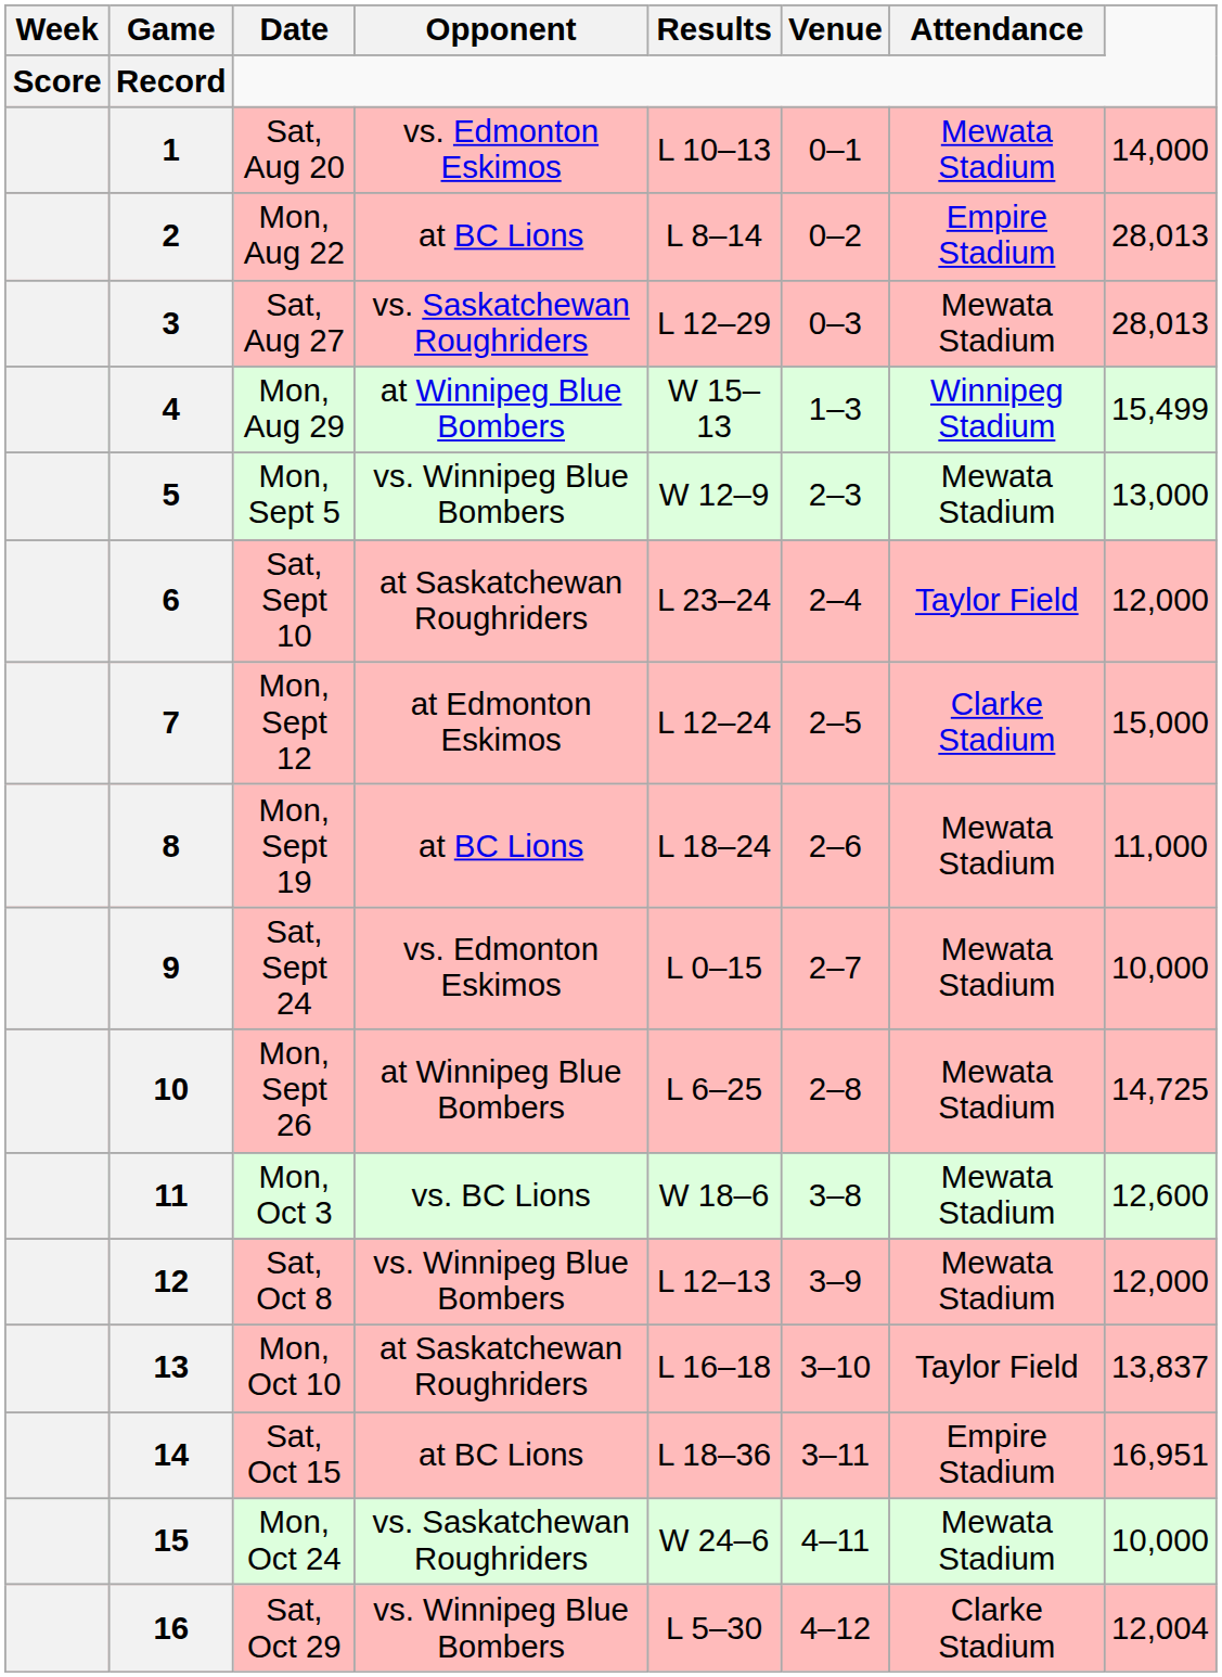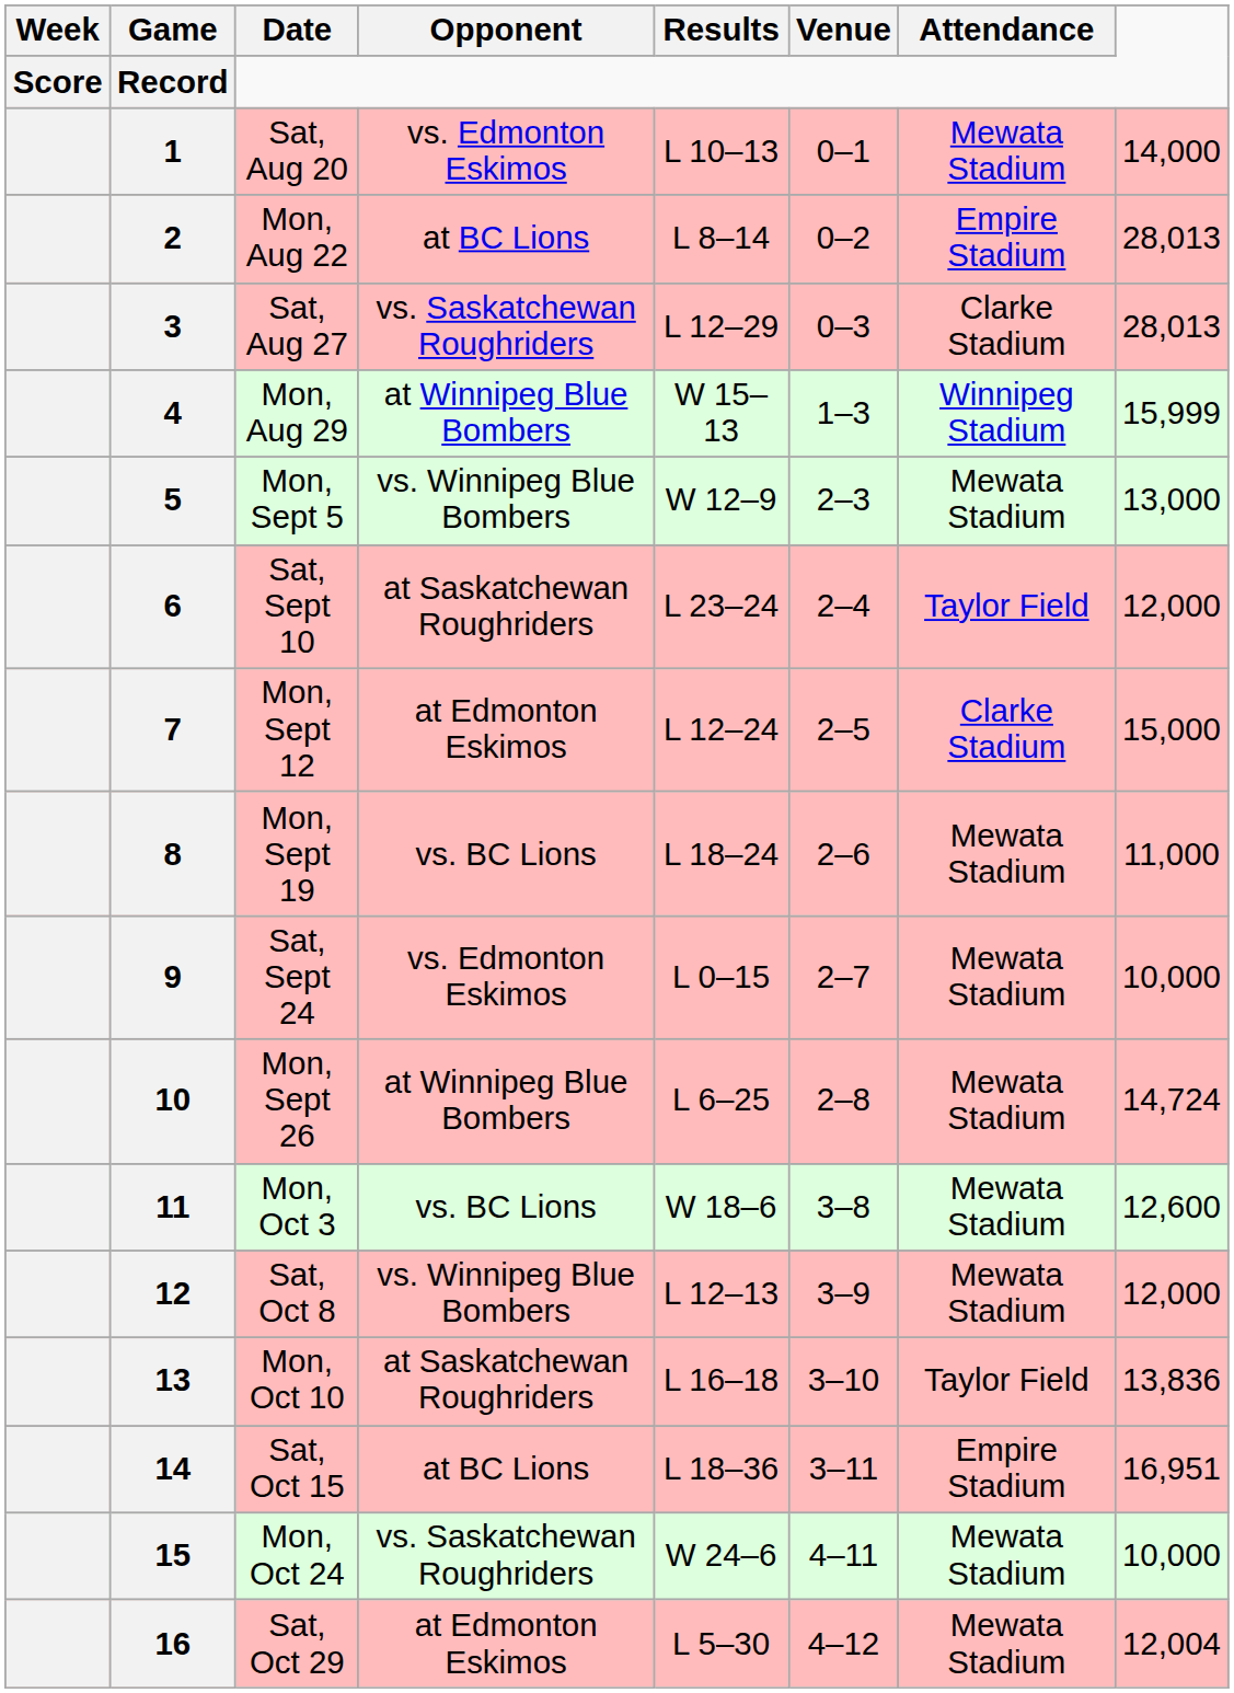 <table class="wikitable" style="text-align:center">
 <tr>
 <th>Week</th>
 <th>Game</th>
 <th>Date</th>
 <th>Opponent</th>
 <th>Results</th>
 <th>Venue</th>
 <th>Attendance</th>
 </tr>
 <tr>
 <th>Score</th>
 <th>Record</th>
 </tr>
 <tr style="background:#ffbbbb">
 <th></th>
 <th>1</th>
 <td>Sat, Aug 20</td>
 <td>vs. <a href='#'>Edmonton Eskimos</a></td>
 <td>L 10–13</td>
 <td>0–1</td>
 <td><a href='#'>Mewata Stadium</a></td>
 <td>14,000</td>
 </tr>
 <tr style="background:#ffbbbb">
 <th></th>
 <th>2</th>
 <td>Mon, Aug 22</td>
 <td>at <a href='#'>BC Lions</a></td>
 <td>L 8–14</td>
 <td>0–2</td>
 <td><a href='#'>Empire Stadium</a></td>
 <td>28,013</td>
 </tr>
 <tr style="background:#ffbbbb">
 <th></th>
 <th>3</th>
 <td>Sat, Aug 27</td>
 <td>vs. <a href='#'>Saskatchewan Roughriders</a></td>
 <td>L 12–29</td>
 <td>0–3</td>
-<td>Mewata Stadium</td>
+<td>Clarke Stadium</td>
 <td>28,013</td>
 </tr>
 <tr style="background:#ddffdd">
 <th></th>
 <th>4</th>
 <td>Mon, Aug 29</td>
 <td>at <a href='#'>Winnipeg Blue Bombers</a></td>
 <td>W 15–13</td>
 <td>1–3</td>
 <td><a href='#'>Winnipeg Stadium</a></td>
-<td>15,499</td>
+<td>15,999</td>
 </tr>
 <tr style="background:#ddffdd">
 <th></th>
 <th>5</th>
 <td>Mon, Sept 5</td>
 <td>vs. Winnipeg Blue Bombers</td>
 <td>W 12–9</td>
 <td>2–3</td>
 <td>Mewata Stadium</td>
 <td>13,000</td>
 </tr>
 <tr style="background:#ffbbbb">
 <th></th>
 <th>6</th>
 <td>Sat, Sept 10</td>
 <td>at Saskatchewan Roughriders</td>
 <td>L 23–24</td>
 <td>2–4</td>
 <td><a href='#'>Taylor Field</a></td>
 <td>12,000</td>
 </tr>
 <tr style="background:#ffbbbb">
 <th></th>
 <th>7</th>
 <td>Mon, Sept 12</td>
 <td>at Edmonton Eskimos</td>
 <td>L 12–24</td>
 <td>2–5</td>
 <td><a href='#'>Clarke Stadium</a></td>
 <td>15,000</td>
 </tr>
 <tr style="background:#ffbbbb">
 <th></th>
 <th>8</th>
 <td>Mon, Sept 19</td>
-<td>at <a href='#'>BC Lions</a></td>
+<td>vs. BC Lions</td>
 <td>L 18–24</td>
 <td>2–6</td>
 <td>Mewata Stadium</td>
 <td>11,000</td>
 </tr>
 <tr style="background:#ffbbbb">
 <th></th>
 <th>9</th>
 <td>Sat, Sept 24</td>
 <td>vs. Edmonton Eskimos</td>
 <td>L 0–15</td>
 <td>2–7</td>
 <td>Mewata Stadium</td>
 <td>10,000</td>
 </tr>
 <tr style="background:#ffbbbb">
 <th></th>
 <th>10</th>
 <td>Mon, Sept 26</td>
 <td>at Winnipeg Blue Bombers</td>
 <td>L 6–25</td>
 <td>2–8</td>
 <td>Mewata Stadium</td>
-<td>14,725</td>
+<td>14,724</td>
 </tr>
 <tr style="background:#ddffdd">
 <th></th>
 <th>11</th>
 <td>Mon, Oct 3</td>
 <td>vs. BC Lions</td>
 <td>W 18–6</td>
 <td>3–8</td>
 <td>Mewata Stadium</td>
 <td>12,600</td>
 </tr>
 <tr style="background:#ffbbbb">
 <th></th>
 <th>12</th>
 <td>Sat, Oct 8</td>
 <td>vs. Winnipeg Blue Bombers</td>
 <td>L 12–13</td>
 <td>3–9</td>
 <td>Mewata Stadium</td>
 <td>12,000</td>
 </tr>
 <tr style="background:#ffbbbb">
 <th></th>
 <th>13</th>
 <td>Mon, Oct 10</td>
 <td>at Saskatchewan Roughriders</td>
 <td>L 16–18</td>
 <td>3–10</td>
 <td>Taylor Field</td>
-<td>13,837</td>
+<td>13,836</td>
 </tr>
 <tr style="background:#ffbbbb">
 <th></th>
 <th>14</th>
 <td>Sat, Oct 15</td>
 <td>at BC Lions</td>
 <td>L 18–36</td>
 <td>3–11</td>
 <td>Empire Stadium</td>
 <td>16,951</td>
 </tr>
 <tr style="background:#ddffdd">
 <th></th>
 <th>15</th>
 <td>Mon, Oct 24</td>
 <td>vs. Saskatchewan Roughriders</td>
 <td>W 24–6</td>
 <td>4–11</td>
 <td>Mewata Stadium</td>
 <td>10,000</td>
 </tr>
 <tr style="background:#ffbbbb">
 <th></th>
 <th>16</th>
 <td>Sat, Oct 29</td>
-<td>vs. Winnipeg Blue Bombers</td>
+<td>at Edmonton Eskimos</td>
 <td>L 5–30</td>
 <td>4–12</td>
-<td>Clarke Stadium</td>
+<td>Mewata Stadium</td>
 <td>12,004</td>
 </tr>
 </table>
